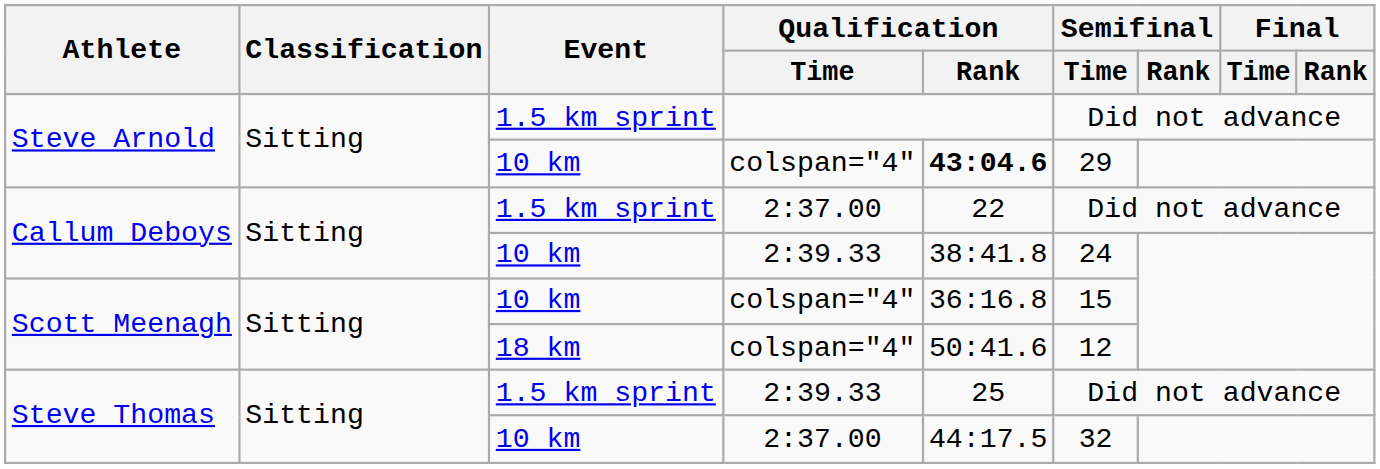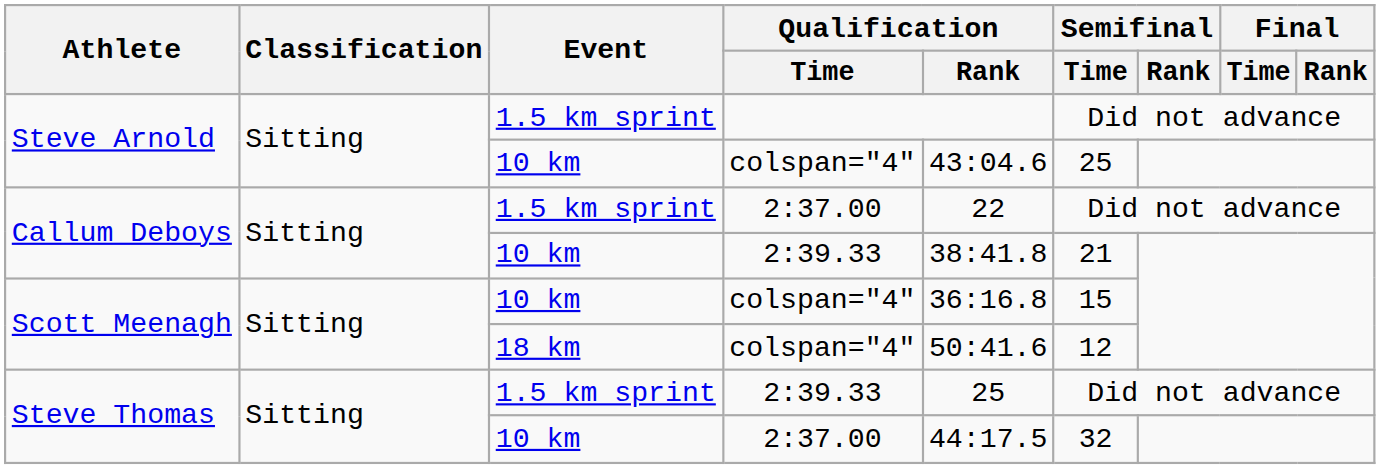 <table class="wikitable" style="font-size:100%">
 <tr>
 <th rowspan="2">Athlete</th>
 <th rowspan="2">Classification</th>
 <th rowspan="2">Event</th>
 <th colspan=2>Qualification</th>
 <th colspan=2>Semifinal</th>
 <th colspan=2>Final</th>
 </tr>
 <tr style="font-size:95%">
 <th>Time</th>
 <th>Rank</th>
 <th>Time</th>
 <th>Rank</th>
 <th>Time</th>
 <th>Rank</th>
 </tr>
 <tr align="center">
 <td align="left" rowspan=2><a href='#'>Steve Arnold</a></td>
 <td align="left" rowspan=2>Sitting</td>
 <td align="left"><a href='#'>1.5 km sprint</a></td>
 <td colspan=2></td>
 <td colspan=4>Did not advance</td>
 </tr>
 <tr align="center">
 <td align="left"><a href='#'>10 km</a></td>
 <td>colspan="4" </td>
-<td><strong>43:04.6</strong></td>
-<td>29</td>
+<td>43:04.6</td>
+<td>25</td>
 </tr>
 <tr align="center">
 <td align="left" rowspan=2><a href='#'>Callum Deboys</a></td>
 <td align="left" rowspan=2>Sitting</td>
 <td align="left"><a href='#'>1.5 km sprint</a></td>
 <td>2:37.00</td>
 <td>22</td>
 <td colspan=4>Did not advance</td>
 </tr>
 <tr align="center">
 <td align="left"><a href='#'>10 km</a></td>
 <td>2:39.33</td>
 <td>38:41.8</td>
-<td>24</td>
+<td>21</td>
 </tr>
 <tr align="center">
 <td align="left" rowspan=2><a href='#'>Scott Meenagh</a></td>
 <td align="left" rowspan=2>Sitting</td>
 <td align="left"><a href='#'>10 km</a></td>
 <td>colspan="4" </td>
 <td>36:16.8</td>
 <td>15</td>
 </tr>
 <tr align="center">
 <td align="left"><a href='#'>18 km</a></td>
 <td>colspan="4" </td>
 <td>50:41.6</td>
 <td>12</td>
 </tr>
 <tr align="center">
 <td align="left" rowspan=2><a href='#'>Steve Thomas</a></td>
 <td align="left" rowspan=2>Sitting</td>
 <td align="left"><a href='#'>1.5 km sprint</a></td>
 <td>2:39.33</td>
 <td>25</td>
 <td colspan=4>Did not advance</td>
 </tr>
 <tr align="center">
 <td align="left"><a href='#'>10 km</a></td>
 <td>2:37.00</td>
 <td>44:17.5</td>
 <td>32</td>
 </tr>
 </table>
